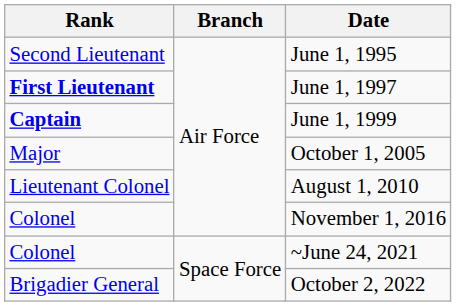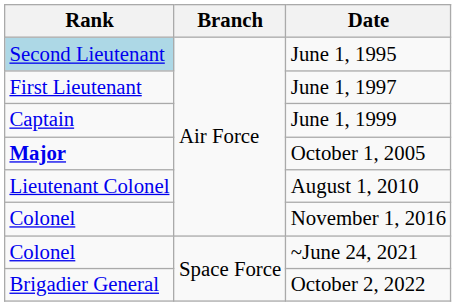 <table class="wikitable">
 <tr>
 <th>Rank</th>
 <th>Branch</th>
 <th>Date</th>
 </tr>
 <tr>
-<td> <a href='#'>Second Lieutenant</a></td>
+<td style="background: lightblue;"> <a href='#'>Second Lieutenant</a></td>
 <td rowspan=6>Air Force</td>
 <td>June 1, 1995</td>
 </tr>
 <tr>
-<td><strong> <a href='#'>First Lieutenant</a></strong></td>
+<td> <a href='#'>First Lieutenant</a></td>
 <td>June 1, 1997</td>
 </tr>
 <tr>
-<td><strong> <a href='#'>Captain</a></strong></td>
+<td> <a href='#'>Captain</a></td>
 <td>June 1, 1999</td>
 </tr>
 <tr>
-<td> <a href='#'>Major</a></td>
+<td><strong> <a href='#'>Major</a></strong></td>
 <td>October 1, 2005</td>
 </tr>
 <tr>
 <td> <a href='#'>Lieutenant Colonel</a></td>
 <td>August 1, 2010</td>
 </tr>
 <tr>
 <td> <a href='#'>Colonel</a></td>
 <td>November 1, 2016</td>
 </tr>
 <tr>
 <td> <a href='#'>Colonel</a></td>
 <td rowspan=2>Space Force</td>
 <td>~June 24, 2021</td>
 </tr>
 <tr>
 <td> <a href='#'>Brigadier General</a></td>
 <td>October 2, 2022</td>
 </tr>
 </table>
